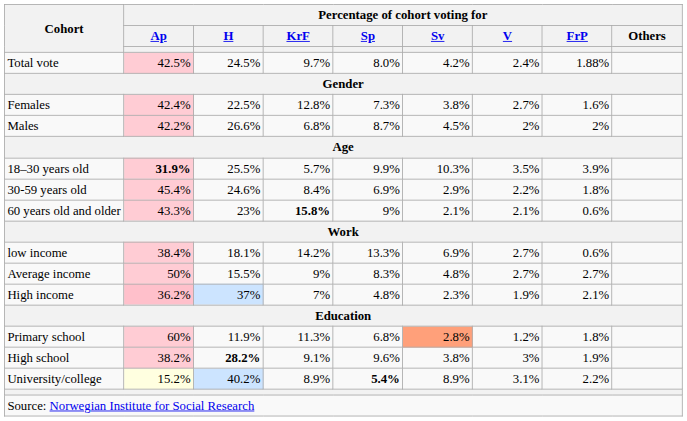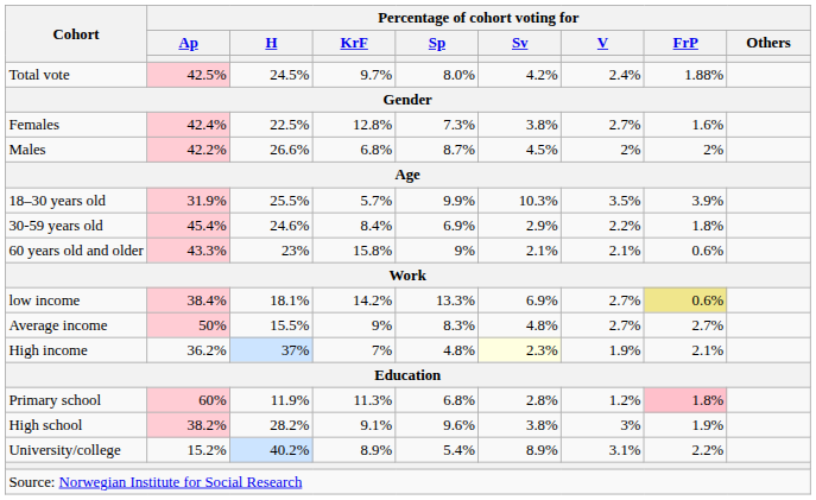 <table class="wikitable" style="text-align:right; font-size:95%;">
 <tr>
 <th rowspan="3">Cohort</th>
 <th colspan="8">Percentage of cohort voting for</th>
 </tr>
 <tr>
 <th scope="col" style="width:5em;"><a href='#'>Ap</a></th>
 <th scope="col" style="width:5em;"><a href='#'>H</a></th>
 <th scope="col" style="width:5em;"><a href='#'>KrF</a></th>
 <th scope="col" style="width:5em;"><a href='#'>Sp</a></th>
 <th scope="col" style="width:5em;"><a href='#'>Sv</a></th>
 <th scope="col" style="width:5em;"><a href='#'>V</a></th>
 <th scope="col" style="width:5em;"><a href='#'>FrP</a></th>
 <th scope="col" style="width:5em;">Others</th>
 </tr>
 <tr>
 <th style="background:"></th>
 <th style="background:"></th>
 <th style="background:"></th>
 <th style="background:"></th>
 <th style="background:"></th>
 <th style="background:"></th>
 <th style="background:"></th>
 <th style="background:"></th>
 </tr>
 <tr>
 <td align=left>Total vote</td>
 <td style="background:#ffccd4;">42.5%</td>
 <td>24.5%</td>
 <td>9.7%</td>
 <td>8.0%</td>
 <td>4.2%</td>
 <td>2.4%</td>
 <td>1.88%</td>
 <td></td>
 </tr>
 <tr>
 <th colspan="9">Gender</th>
 </tr>
 <tr>
 <td align=left>Females</td>
 <td style="background:#ffccd4;">42.4%</td>
 <td>22.5%</td>
 <td>12.8%</td>
 <td>7.3%</td>
 <td>3.8%</td>
 <td>2.7%</td>
 <td>1.6%</td>
 <td></td>
 </tr>
 <tr>
 <td align=left>Males</td>
 <td style="background:#ffccd4;">42.2%</td>
 <td>26.6%</td>
 <td>6.8%</td>
 <td>8.7%</td>
 <td>4.5%</td>
 <td>2%</td>
 <td>2%</td>
 <td></td>
 </tr>
 <tr>
 <th colspan="9">Age</th>
 </tr>
 <tr>
 <td align=left>18–30 years old</td>
-<td style="background:#ffccd4;"><strong>31.9%</strong></td>
+<td style="background:#ffccd4;">31.9%</td>
 <td>25.5%</td>
 <td>5.7%</td>
 <td>9.9%</td>
 <td>10.3%</td>
 <td>3.5%</td>
 <td>3.9%</td>
 <td></td>
 </tr>
 <tr>
 <td align=left>30-59 years old</td>
 <td style="background:#ffccd4;">45.4%</td>
 <td>24.6%</td>
 <td>8.4%</td>
 <td>6.9%</td>
 <td>2.9%</td>
 <td>2.2%</td>
 <td>1.8%</td>
 <td></td>
 </tr>
 <tr>
 <td align=left>60 years old and older</td>
 <td style="background:#ffccd4;">43.3%</td>
 <td>23%</td>
-<td><strong>15.8%</strong></td>
+<td>15.8%</td>
 <td>9%</td>
 <td>2.1%</td>
 <td>2.1%</td>
 <td>0.6%</td>
 <td></td>
 </tr>
 <tr>
 <th colspan="9">Work</th>
 </tr>
 <tr>
 <td align=left>low income</td>
 <td style="background:#ffccd4;">38.4%</td>
 <td>18.1%</td>
 <td>14.2%</td>
 <td>13.3%</td>
 <td>6.9%</td>
 <td>2.7%</td>
-<td>0.6%</td>
+<td style="background: khaki;">0.6%</td>
 <td></td>
 </tr>
 <tr>
 <td align=left>Average income</td>
 <td style="background:#ffccd4;">50%</td>
 <td>15.5%</td>
 <td>9%</td>
 <td>8.3%</td>
 <td>4.8%</td>
 <td>2.7%</td>
 <td>2.7%</td>
 <td></td>
 </tr>
 <tr>
 <td align=left>High income</td>
-<td style="background: pink;">36.2%</td>
+<td>36.2%</td>
 <td style="background:#cce4ff;">37%</td>
 <td>7%</td>
 <td>4.8%</td>
-<td>2.3%</td>
+<td style="background: lightyellow;">2.3%</td>
 <td>1.9%</td>
 <td>2.1%</td>
 <td></td>
 </tr>
 <tr>
 <th colspan="9">Education</th>
 </tr>
 <tr>
 <td align=left>Primary school</td>
 <td style="background:#ffccd4;">60%</td>
 <td>11.9%</td>
 <td>11.3%</td>
 <td>6.8%</td>
-<td style="background: lightsalmon;">2.8%</td>
+<td>2.8%</td>
 <td>1.2%</td>
-<td>1.8%</td>
+<td style="background: pink;">1.8%</td>
 <td></td>
 </tr>
 <tr>
 <td align=left>High school</td>
 <td style="background:#ffccd4;">38.2%</td>
-<td><strong>28.2%</strong></td>
+<td>28.2%</td>
 <td>9.1%</td>
 <td>9.6%</td>
 <td>3.8%</td>
 <td>3%</td>
 <td>1.9%</td>
 <td></td>
 </tr>
 <tr>
 <td align=left>University/college</td>
-<td style="background: lightyellow;">15.2%</td>
+<td>15.2%</td>
 <td style="background:#cce4ff;">40.2%</td>
 <td>8.9%</td>
-<td><strong>5.4%</strong></td>
+<td>5.4%</td>
 <td>8.9%</td>
 <td>3.1%</td>
 <td>2.2%</td>
 <td></td>
 </tr>
 <tr>
 <th colspan="11!"></th>
 </tr>
 <tr>
 <td align=left colspan="9">Source: <a href='#'>Norwegian Institute for Social Research</a></td>
 </tr>
 </table>
